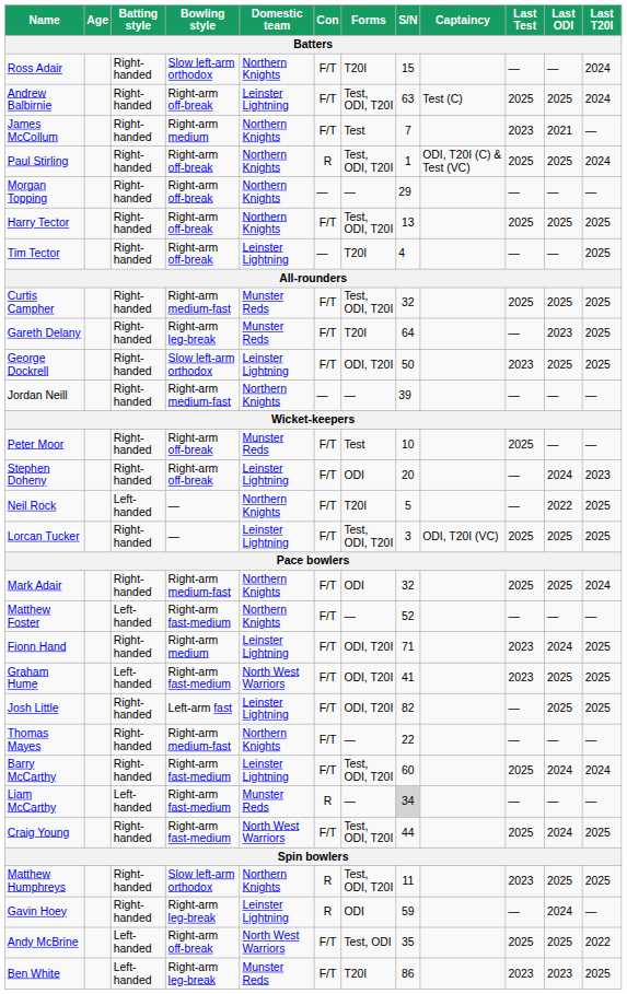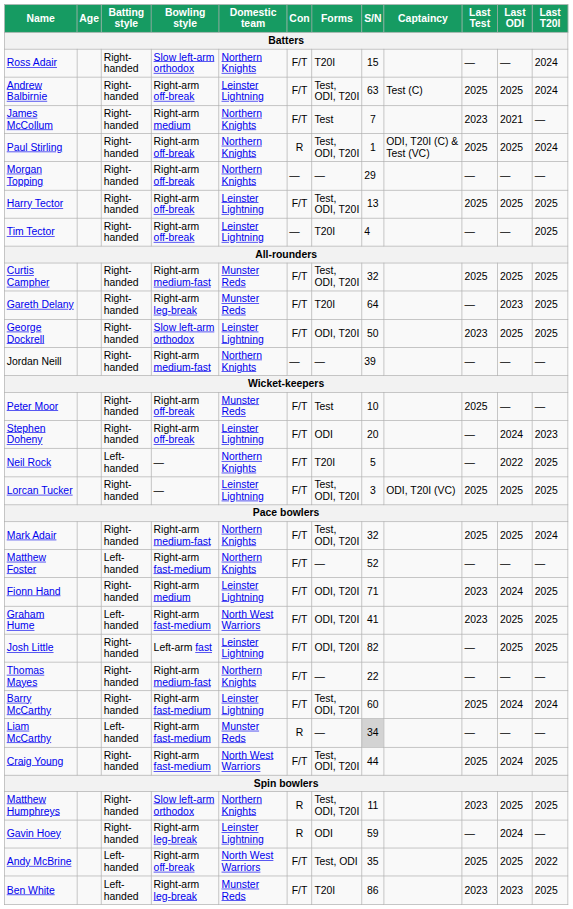 <table class="wikitable">
 <tr>
 <th style="text-align:center; background:#169B62; color:white;">Name</th>
 <th style="text-align:center; background:#169B62; color:white;">Age</th>
 <th style="text-align:center; background:#169B62; color:white;">Batting style</th>
 <th style="text-align:center; background:#169B62; color:white;">Bowling style</th>
 <th style="text-align:center; background:#169B62; color:white;">Domestic team</th>
 <th style="text-align:center; background:#169B62; color:white;">Con</th>
 <th style="text-align:center; background:#169B62; color:white;">Forms</th>
 <th style="text-align:center; background:#169B62; color:white;">S/N</th>
 <th style="text-align:center; background:#169B62; color:white;">Captaincy</th>
 <th style="text-align:center; background:#169B62; color:white;">Last Test</th>
 <th style="text-align:center; background:#169B62; color:white;">Last ODI</th>
 <th style="text-align:center; background:#169B62; color:white;">Last T20I</th>
 </tr>
 <tr>
 <th colspan="12">Batters</th>
 </tr>
 <tr>
 <td><a href='#'>Ross Adair</a></td>
 <td></td>
 <td>Right-handed</td>
 <td><a href='#'>Slow left-arm orthodox</a></td>
 <td><a href='#'>Northern Knights</a></td>
 <td align="center">F/T</td>
 <td>T20I</td>
 <td align="center">15</td>
 <td></td>
 <td>—</td>
 <td>—</td>
 <td> 2024</td>
 </tr>
 <tr>
 <td><a href='#'>Andrew Balbirnie</a></td>
 <td></td>
 <td>Right-handed</td>
 <td>Right-arm <a href='#'>off-break</a></td>
 <td><a href='#'>Leinster Lightning</a></td>
 <td align="center">F/T</td>
 <td>Test, ODI, T20I</td>
 <td align="center">63</td>
 <td>Test (C)</td>
 <td> 2025</td>
 <td> 2025</td>
 <td> 2024</td>
 </tr>
 <tr>
 <td><a href='#'>James McCollum</a></td>
 <td></td>
 <td>Right-handed</td>
 <td>Right-arm <a href='#'>medium</a></td>
 <td><a href='#'>Northern Knights</a></td>
 <td align="center">F/T</td>
 <td>Test</td>
 <td align="center">7</td>
 <td></td>
 <td> 2023</td>
 <td> 2021</td>
 <td>—</td>
 </tr>
 <tr>
 <td><a href='#'>Paul Stirling</a></td>
 <td></td>
 <td>Right-handed</td>
 <td>Right-arm <a href='#'>off-break</a></td>
 <td><a href='#'>Northern Knights</a></td>
 <td align="center">R</td>
 <td>Test, ODI, T20I</td>
 <td align="center">1</td>
 <td>ODI, T20I (C) & Test (VC)</td>
 <td> 2025</td>
 <td> 2025</td>
 <td> 2024</td>
 </tr>
 <tr>
 <td><a href='#'>Morgan Topping</a></td>
 <td></td>
 <td>Right-handed</td>
 <td>Right-arm <a href='#'>off-break</a></td>
 <td><a href='#'>Northern Knights</a></td>
 <td>—</td>
 <td>—</td>
 <td>29</td>
 <td></td>
 <td>—</td>
 <td>—</td>
 <td>—</td>
 </tr>
 <tr>
 <td><a href='#'>Harry Tector</a></td>
 <td></td>
 <td>Right-handed</td>
 <td>Right-arm <a href='#'>off-break</a></td>
-<td><a href='#'>Northern Knights</a></td>
+<td><a href='#'>Leinster Lightning</a></td>
 <td align="center">F/T</td>
 <td>Test, ODI, T20I</td>
 <td align="center">13</td>
 <td></td>
 <td> 2025</td>
 <td> 2025</td>
 <td> 2025</td>
 </tr>
 <tr>
 <td><a href='#'>Tim Tector</a></td>
 <td></td>
 <td>Right-handed</td>
 <td>Right-arm <a href='#'>off-break</a></td>
 <td><a href='#'>Leinster Lightning</a></td>
 <td>—</td>
 <td>T20I</td>
 <td>4</td>
 <td></td>
 <td>—</td>
 <td>—</td>
 <td> 2025</td>
 </tr>
 <tr>
 <th colspan="12">All-rounders</th>
 </tr>
 <tr>
 <td><a href='#'>Curtis Campher</a></td>
 <td></td>
 <td>Right-handed</td>
 <td>Right-arm <a href='#'>medium-fast</a></td>
 <td><a href='#'>Munster Reds</a></td>
 <td align="center">F/T</td>
 <td>Test, ODI, T20I</td>
 <td align="center">32</td>
 <td></td>
 <td> 2025</td>
 <td> 2025</td>
 <td> 2025</td>
 </tr>
 <tr>
 <td><a href='#'>Gareth Delany</a></td>
 <td></td>
 <td>Right-handed</td>
 <td>Right-arm <a href='#'>leg-break</a></td>
 <td><a href='#'>Munster Reds</a></td>
 <td align="center">F/T</td>
 <td>T20I</td>
 <td align="center">64</td>
 <td></td>
 <td>—</td>
 <td> 2023</td>
 <td> 2025</td>
 </tr>
 <tr>
 <td><a href='#'>George Dockrell</a></td>
 <td></td>
 <td>Right-handed</td>
 <td><a href='#'>Slow left-arm orthodox</a></td>
 <td><a href='#'>Leinster Lightning</a></td>
 <td align="center">F/T</td>
 <td>ODI, T20I</td>
 <td align="center">50</td>
 <td></td>
 <td> 2023</td>
 <td> 2025</td>
 <td> 2025</td>
 </tr>
 <tr>
 <td>Jordan Neill</td>
 <td></td>
 <td>Right-handed</td>
 <td>Right-arm <a href='#'>medium-fast</a></td>
 <td><a href='#'>Northern Knights</a></td>
 <td>—</td>
 <td>—</td>
 <td>39</td>
 <td></td>
 <td>—</td>
 <td>—</td>
 <td>—</td>
 </tr>
 <tr>
 <th colspan="12">Wicket-keepers</th>
 </tr>
 <tr>
 <td><a href='#'>Peter Moor</a></td>
 <td></td>
 <td>Right-handed</td>
 <td>Right-arm <a href='#'>off-break</a></td>
 <td><a href='#'>Munster Reds</a></td>
 <td align="center">F/T</td>
 <td>Test</td>
 <td align="center">10</td>
 <td></td>
 <td> 2025</td>
 <td>—</td>
 <td>—</td>
 </tr>
 <tr>
 <td><a href='#'>Stephen Doheny</a></td>
 <td></td>
 <td>Right-handed</td>
 <td>Right-arm <a href='#'>off-break</a></td>
 <td><a href='#'>Leinster Lightning</a></td>
 <td align="center">F/T</td>
 <td>ODI</td>
 <td align="center">20</td>
 <td></td>
 <td>—</td>
 <td> 2024</td>
 <td> 2023</td>
 </tr>
 <tr>
 <td><a href='#'>Neil Rock</a></td>
 <td></td>
 <td>Left-handed</td>
 <td>—</td>
 <td><a href='#'>Northern Knights</a></td>
 <td align="center">F/T</td>
 <td>T20I</td>
 <td align="center">5</td>
 <td></td>
 <td>—</td>
 <td> 2022</td>
 <td> 2025</td>
 </tr>
 <tr>
 <td><a href='#'>Lorcan Tucker</a></td>
 <td></td>
 <td>Right-handed</td>
 <td>—</td>
 <td><a href='#'>Leinster Lightning</a></td>
 <td align="center">F/T</td>
 <td>Test, ODI, T20I</td>
 <td align="center">3</td>
 <td>ODI, T20I (VC)</td>
 <td> 2025</td>
 <td> 2025</td>
 <td> 2025</td>
 </tr>
 <tr>
 <th colspan="12">Pace bowlers</th>
 </tr>
 <tr>
 <td><a href='#'>Mark Adair</a></td>
 <td></td>
 <td>Right-handed</td>
 <td>Right-arm <a href='#'>medium-fast</a></td>
 <td><a href='#'>Northern Knights</a></td>
 <td align="center">F/T</td>
-<td>ODI</td>
+<td>Test, ODI, T20I</td>
 <td align="center">32</td>
 <td></td>
 <td> 2025</td>
 <td> 2025</td>
 <td> 2024</td>
 </tr>
 <tr>
 <td><a href='#'>Matthew Foster</a></td>
 <td></td>
 <td>Left-handed</td>
 <td>Right-arm <a href='#'>fast-medium</a></td>
 <td><a href='#'>Northern Knights</a></td>
 <td align="center">F/T</td>
 <td>—</td>
 <td align="center">52</td>
 <td></td>
 <td>—</td>
 <td>—</td>
 <td>—</td>
 </tr>
 <tr>
 <td><a href='#'>Fionn Hand</a></td>
 <td></td>
 <td>Right-handed</td>
 <td>Right-arm <a href='#'>medium</a></td>
 <td><a href='#'>Leinster Lightning</a></td>
 <td align="center">F/T</td>
 <td>ODI, T20I</td>
 <td align="center">71</td>
 <td></td>
 <td> 2023</td>
 <td> 2024</td>
 <td> 2025</td>
 </tr>
 <tr>
 <td><a href='#'>Graham Hume</a></td>
 <td></td>
 <td>Left-handed</td>
 <td>Right-arm <a href='#'>fast-medium</a></td>
 <td><a href='#'>North West Warriors</a></td>
 <td align="center">F/T</td>
 <td>ODI, T20I</td>
 <td align="center">41</td>
 <td></td>
 <td> 2023</td>
 <td> 2025</td>
 <td> 2025</td>
 </tr>
 <tr>
 <td><a href='#'>Josh Little</a></td>
 <td></td>
 <td>Right-handed</td>
 <td>Left-arm <a href='#'>fast</a></td>
 <td><a href='#'>Leinster Lightning</a></td>
 <td align="center">F/T</td>
 <td>ODI, T20I</td>
 <td align="center">82</td>
 <td></td>
 <td>—</td>
 <td> 2025</td>
 <td> 2025</td>
 </tr>
 <tr>
 <td><a href='#'>Thomas Mayes</a></td>
 <td></td>
 <td>Right-handed</td>
 <td>Right-arm <a href='#'>medium-fast</a></td>
 <td><a href='#'>Northern Knights</a></td>
 <td align="center">F/T</td>
 <td>—</td>
 <td align="center">22</td>
 <td></td>
 <td>—</td>
 <td>—</td>
 <td>—</td>
 </tr>
 <tr>
 <td><a href='#'>Barry McCarthy</a></td>
 <td></td>
 <td>Right-handed</td>
 <td>Right-arm <a href='#'>fast-medium</a></td>
 <td><a href='#'>Leinster Lightning</a></td>
 <td align="center">F/T</td>
 <td>Test, ODI, T20I</td>
 <td align="center">60</td>
 <td></td>
 <td> 2025</td>
 <td> 2024</td>
 <td> 2024</td>
 </tr>
 <tr>
 <td><a href='#'>Liam McCarthy</a></td>
 <td></td>
 <td>Left-handed</td>
 <td>Right-arm <a href='#'>fast-medium</a></td>
 <td><a href='#'>Munster Reds</a></td>
 <td align="center">R</td>
 <td>—</td>
 <td align="center" style="background: lightgrey;">34</td>
 <td></td>
 <td>—</td>
 <td>—</td>
 <td>—</td>
 </tr>
 <tr>
 <td><a href='#'>Craig Young</a></td>
 <td></td>
 <td>Right-handed</td>
 <td>Right-arm <a href='#'>fast-medium</a></td>
 <td><a href='#'>North West Warriors</a></td>
 <td align="center">F/T</td>
 <td>Test, ODI, T20I</td>
 <td align="center">44</td>
 <td></td>
 <td> 2025</td>
 <td> 2024</td>
 <td> 2025</td>
 </tr>
 <tr>
 <th colspan="12">Spin bowlers</th>
 </tr>
 <tr>
 <td><a href='#'>Matthew Humphreys</a></td>
 <td></td>
 <td>Right-handed</td>
 <td><a href='#'>Slow left-arm orthodox</a></td>
 <td><a href='#'>Northern Knights</a></td>
 <td align="center">R</td>
 <td>Test, ODI, T20I</td>
 <td align="center">11</td>
 <td></td>
 <td> 2023</td>
 <td> 2025</td>
 <td> 2025</td>
 </tr>
 <tr>
 <td><a href='#'>Gavin Hoey</a></td>
 <td></td>
 <td>Right-handed</td>
 <td>Right-arm <a href='#'>leg-break</a></td>
 <td><a href='#'>Leinster Lightning</a></td>
 <td align="center">R</td>
 <td>ODI</td>
 <td align="center">59</td>
 <td></td>
 <td>—</td>
 <td> 2024</td>
 <td>—</td>
 </tr>
 <tr>
 <td><a href='#'>Andy McBrine</a></td>
 <td></td>
 <td>Left-handed</td>
 <td>Right-arm <a href='#'>off-break</a></td>
 <td><a href='#'>North West Warriors</a></td>
 <td align="center">F/T</td>
 <td>Test, ODI</td>
 <td align="center">35</td>
 <td></td>
 <td> 2025</td>
 <td> 2025</td>
 <td> 2022</td>
 </tr>
 <tr>
 <td><a href='#'>Ben White</a></td>
 <td></td>
 <td>Left-handed</td>
 <td>Right-arm <a href='#'>leg-break</a></td>
 <td><a href='#'>Munster Reds</a></td>
 <td align="center">F/T</td>
 <td>T20I</td>
 <td align="center">86</td>
 <td></td>
 <td> 2023</td>
 <td> 2023</td>
 <td> 2025</td>
 </tr>
 </table>
